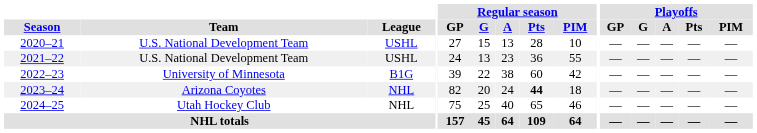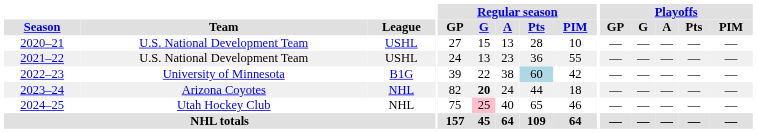 <table border="0" cellpadding="1" cellspacing="0" style="text-align:center; width:60em;">
 <tr bgcolor="#e0e0e0">
 <th colspan="3" bgcolor="#ffffff"></th>
 <th rowspan="100" bgcolor="#ffffff"></th>
 <th colspan="5"><a href='#'>Regular season</a></th>
 <th rowspan="100" bgcolor="#ffffff"></th>
 <th colspan="5"><a href='#'>Playoffs</a></th>
 </tr>
 <tr bgcolor="#e0e0e0">
 <th><a href='#'>Season</a></th>
 <th>Team</th>
 <th>League</th>
 <th>GP</th>
 <th><a href='#'>G</a></th>
 <th><a href='#'>A</a></th>
 <th><a href='#'>Pts</a></th>
 <th><a href='#'>PIM</a></th>
 <th>GP</th>
 <th>G</th>
 <th>A</th>
 <th>Pts</th>
 <th>PIM</th>
 </tr>
 <tr>
 <td><a href='#'>2020–21</a></td>
 <td><a href='#'>U.S. National Development Team</a></td>
 <td><a href='#'>USHL</a></td>
 <td>27</td>
 <td>15</td>
 <td>13</td>
 <td>28</td>
 <td>10</td>
 <td>—</td>
 <td>—</td>
 <td>—</td>
 <td>—</td>
 <td>—</td>
 </tr>
 <tr bgcolor="#f0f0f0">
 <td><a href='#'>2021–22</a></td>
 <td>U.S. National Development Team</td>
 <td>USHL</td>
 <td>24</td>
 <td>13</td>
 <td>23</td>
 <td>36</td>
 <td>55</td>
 <td>—</td>
 <td>—</td>
 <td>—</td>
 <td>—</td>
 <td>—</td>
 </tr>
 <tr>
 <td><a href='#'>2022–23</a></td>
 <td><a href='#'>University of Minnesota</a></td>
 <td><a href='#'>B1G</a></td>
 <td>39</td>
 <td>22</td>
 <td>38</td>
-<td>60</td>
+<td style="background: lightblue;">60</td>
 <td>42</td>
 <td>—</td>
 <td>—</td>
 <td>—</td>
 <td>—</td>
 <td>—</td>
 </tr>
 <tr bgcolor="#f0f0f0">
 <td><a href='#'>2023–24</a></td>
 <td><a href='#'>Arizona Coyotes</a></td>
 <td><a href='#'>NHL</a></td>
 <td>82</td>
-<td>20</td>
+<td><strong>20</strong></td>
 <td>24</td>
-<td><strong>44</strong></td>
+<td>44</td>
 <td>18</td>
 <td>—</td>
 <td>—</td>
 <td>—</td>
 <td>—</td>
 <td>—</td>
 </tr>
 <tr>
 <td><a href='#'>2024–25</a></td>
 <td><a href='#'>Utah Hockey Club</a></td>
 <td>NHL</td>
 <td>75</td>
-<td>25</td>
+<td style="background: pink;">25</td>
 <td>40</td>
 <td>65</td>
 <td>46</td>
 <td>—</td>
 <td>—</td>
 <td>—</td>
 <td>—</td>
 <td>—</td>
 </tr>
 <tr bgcolor="#e0e0e0">
 <th colspan="3">NHL totals</th>
 <th>157</th>
 <th>45</th>
 <th>64</th>
 <th>109</th>
 <th>64</th>
 <th>—</th>
 <th>—</th>
 <th>—</th>
 <th>—</th>
 <th>—</th>
 </tr>
 </table>
